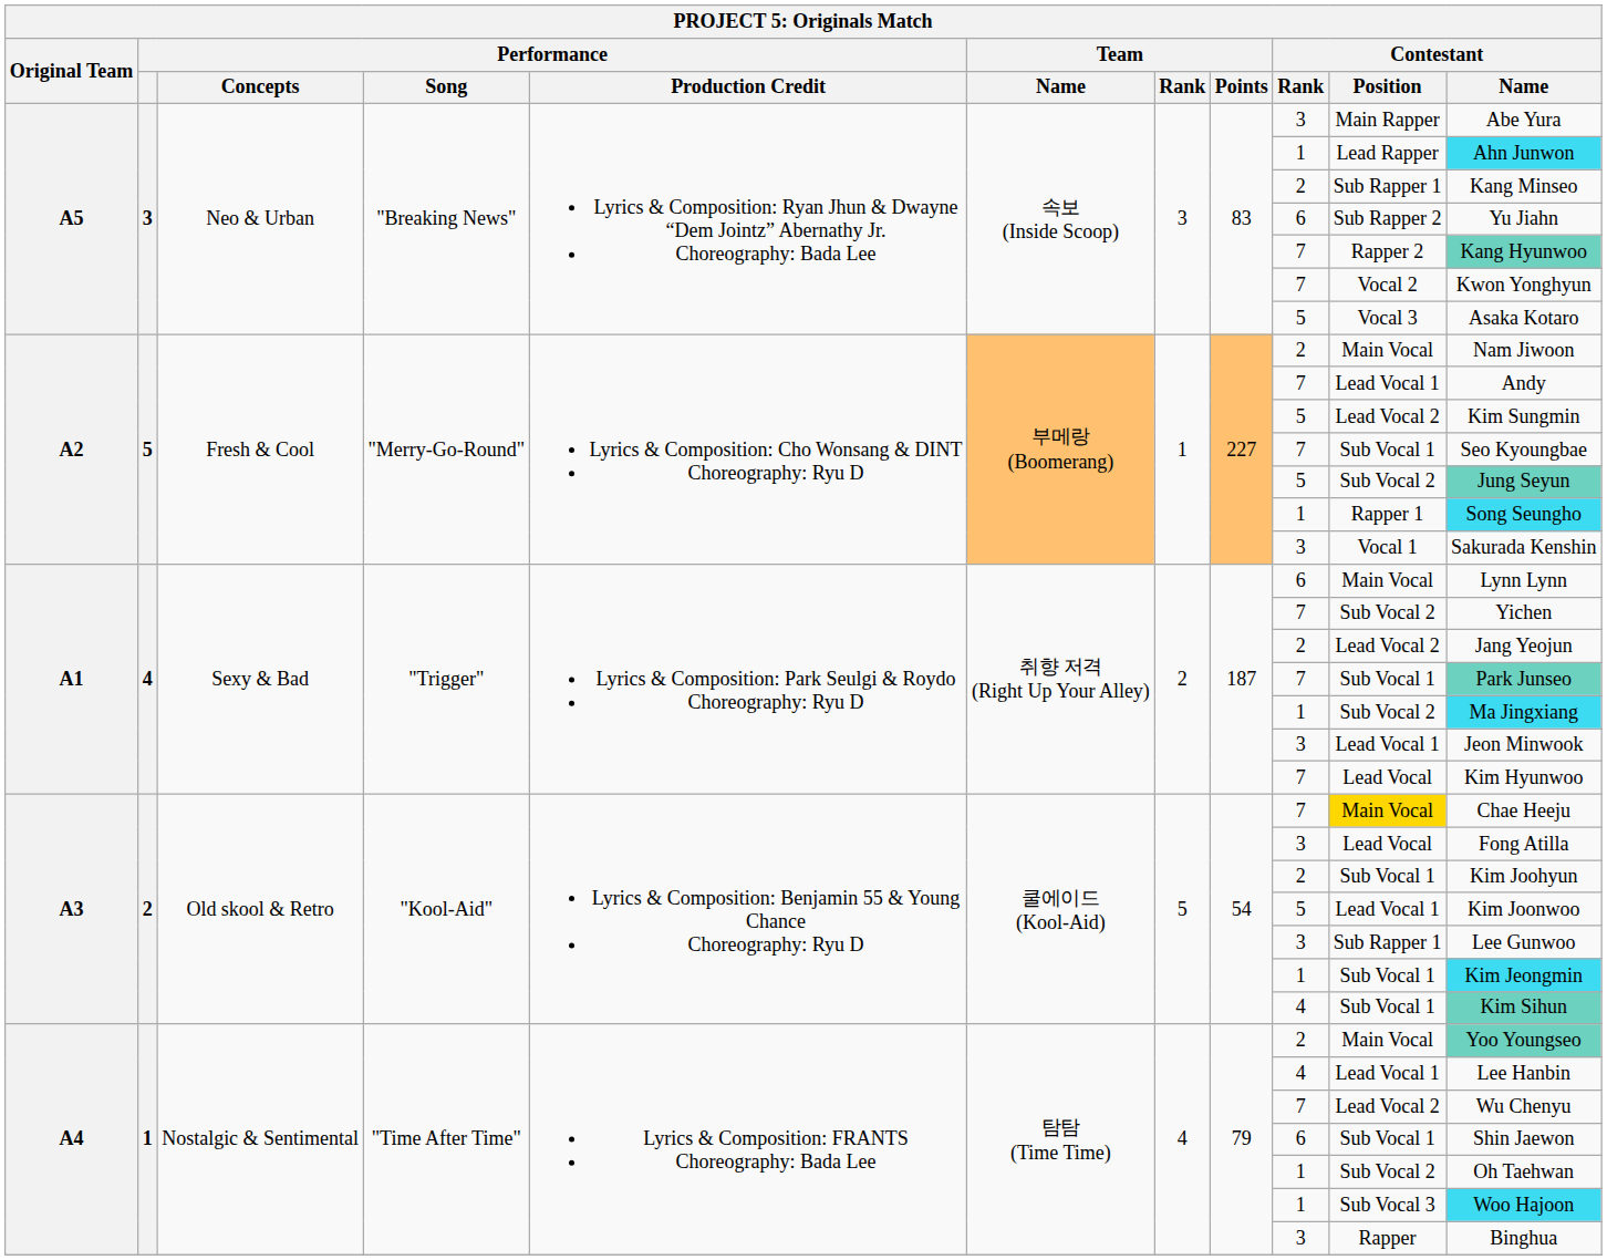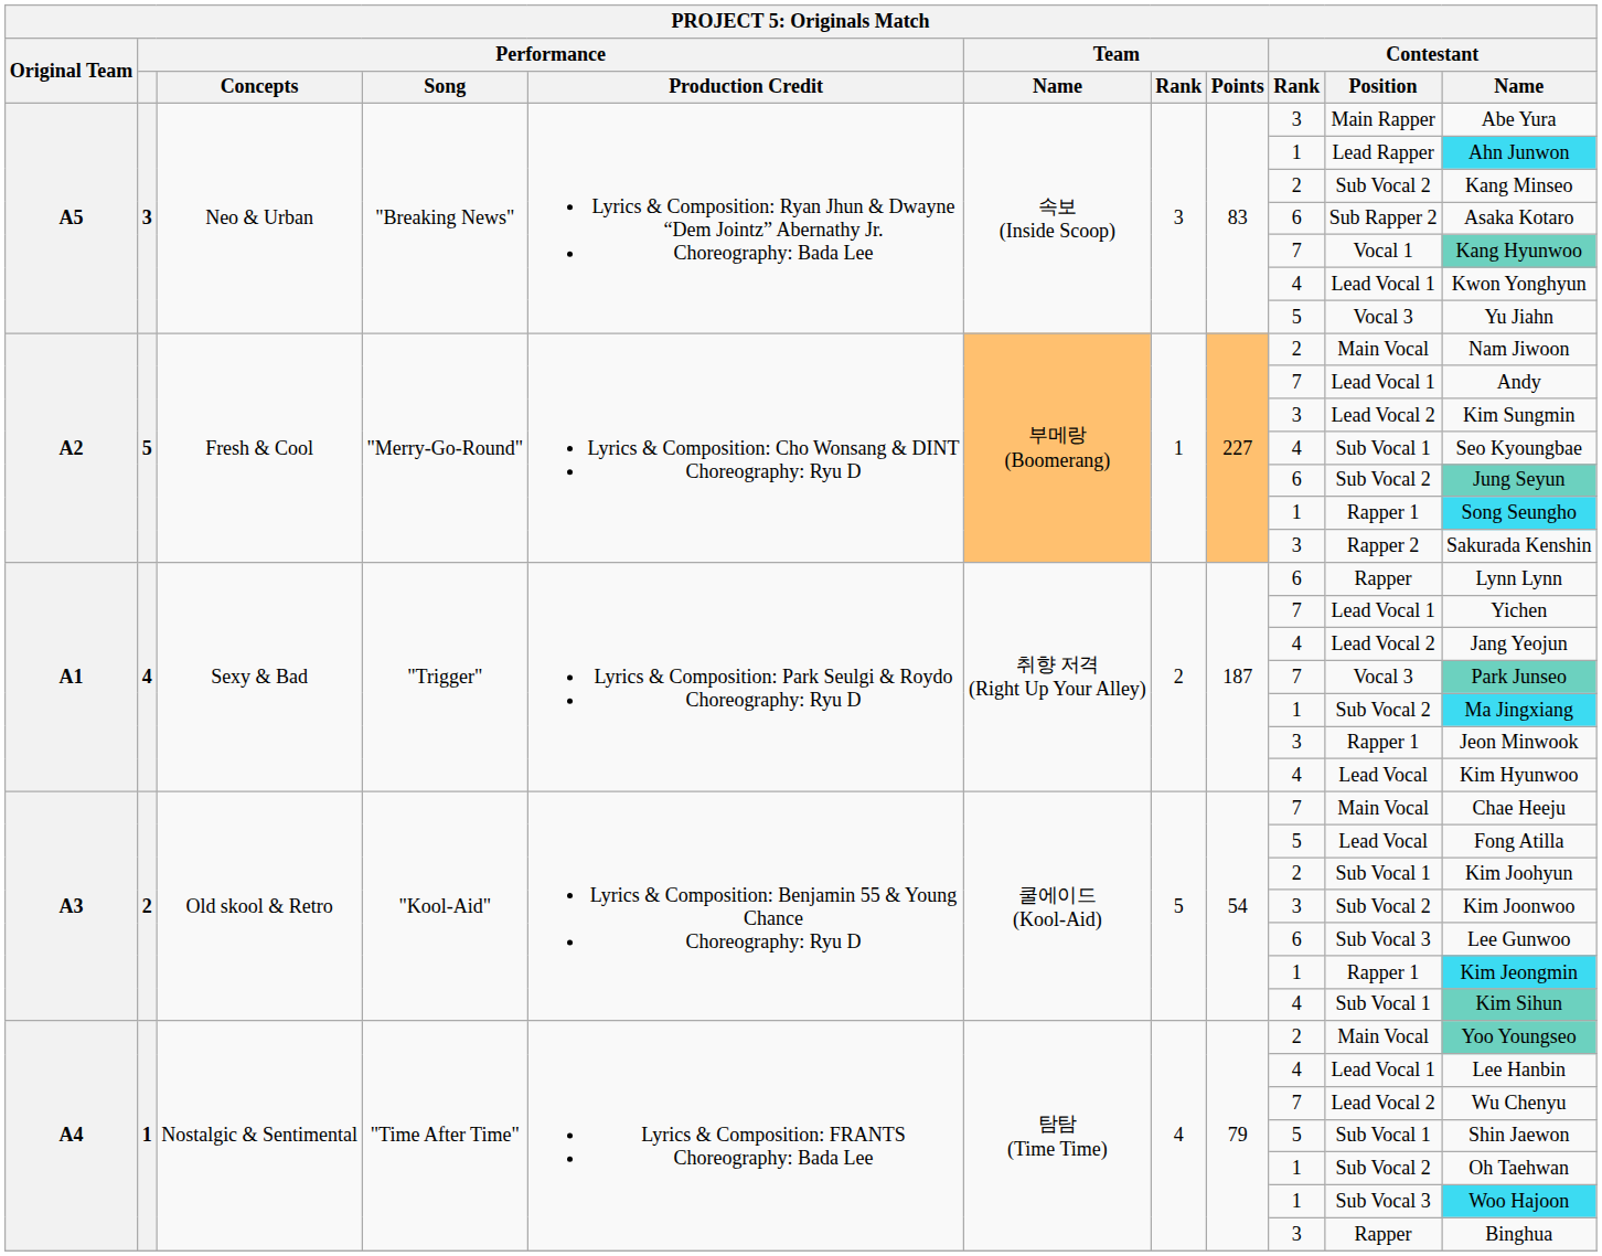 <table class="wikitable sortable mw-collapsible mw-collapsed" style="font-size:90%; text-align:center; ">
 <tr>
 <th colspan="15">PROJECT 5: Originals Match</th>
 </tr>
 <tr>
 <th rowspan="2">Original Team</th>
 <th colspan="4">Performance</th>
 <th colspan="3">Team</th>
 <th colspan="3">Contestant</th>
 </tr>
 <tr>
 <th></th>
 <th>Concepts</th>
 <th>Song</th>
 <th>Production Credit</th>
 <th>Name</th>
 <th>Rank</th>
 <th>Points</th>
 <th>Rank</th>
 <th>Position</th>
 <th>Name</th>
 </tr>
 <tr>
 <th rowspan="7">A5</th>
 <th rowspan="7">3</th>
 <td rowspan="7">Neo & Urban</td>
 <td rowspan="7">"Breaking News"</td>
 <td rowspan="7"><br><ul><li>Lyrics & Composition: Ryan Jhun & Dwayne <br> “Dem Jointz” Abernathy Jr.</li><li>Choreography: Bada Lee</li></ul></td>
 <td rowspan="7">속보 <br> (Inside Scoop)</td>
 <td rowspan="7">3</td>
 <td rowspan="7">83</td>
 <td>3</td>
 <td>Main Rapper</td>
 <td>Abe Yura</td>
 </tr>
 <tr>
 <td>1</td>
 <td>Lead Rapper</td>
 <td style="background:#3cdbf2">Ahn Junwon</td>
 </tr>
 <tr>
 <td>2</td>
-<td>Sub Rapper 1</td>
+<td>Sub Vocal 2</td>
 <td>Kang Minseo</td>
 </tr>
 <tr>
 <td>6</td>
 <td>Sub Rapper 2</td>
-<td>Yu Jiahn</td>
+<td>Asaka Kotaro</td>
 </tr>
 <tr>
 <td>7</td>
-<td>Rapper 2</td>
+<td>Vocal 1</td>
 <td style="background:#6CD1BF">Kang Hyunwoo</td>
 </tr>
 <tr>
-<td>7</td>
-<td>Vocal 2</td>
+<td>4</td>
+<td>Lead Vocal 1</td>
 <td>Kwon Yonghyun</td>
 </tr>
 <tr>
 <td>5</td>
 <td>Vocal 3</td>
-<td>Asaka Kotaro</td>
+<td>Yu Jiahn</td>
 </tr>
 <tr>
 <th rowspan="7">A2</th>
 <th rowspan="7">5</th>
 <td rowspan="7">Fresh & Cool</td>
 <td rowspan="7">"Merry-Go-Round"</td>
 <td rowspan="7"><br><ul><li>Lyrics & Composition: Cho Wonsang & DINT</li><li>Choreography: Ryu D</li></ul></td>
 <td rowspan="7" style="background:#FFC06F">부메랑 <br> (Boomerang)</td>
 <td rowspan="7">1</td>
 <td rowspan="7" style="background:#FFC06F">227</td>
 <td>2</td>
 <td>Main Vocal</td>
 <td>Nam Jiwoon</td>
 </tr>
 <tr>
 <td>7</td>
 <td>Lead Vocal 1</td>
 <td>Andy</td>
 </tr>
 <tr>
-<td>5</td>
+<td>3</td>
 <td>Lead Vocal 2</td>
 <td>Kim Sungmin</td>
 </tr>
 <tr>
-<td>7</td>
+<td>4</td>
 <td>Sub Vocal 1</td>
 <td>Seo Kyoungbae</td>
 </tr>
 <tr>
-<td>5</td>
+<td>6</td>
 <td>Sub Vocal 2</td>
 <td style="background:#6CD1BF">Jung Seyun</td>
 </tr>
 <tr>
 <td>1</td>
 <td>Rapper 1</td>
 <td style="background:#3cdbf2">Song Seungho</td>
 </tr>
 <tr>
 <td>3</td>
-<td>Vocal 1</td>
+<td>Rapper 2</td>
 <td>Sakurada Kenshin</td>
 </tr>
 <tr>
 <th rowspan="7">A1</th>
 <th rowspan="7">4</th>
 <td rowspan="7">Sexy & Bad</td>
 <td rowspan="7">"Trigger"</td>
 <td rowspan="7"><br><ul><li>Lyrics & Composition: Park Seulgi & Roydo</li><li>Choreography: Ryu D</li></ul></td>
 <td rowspan="7">취향 저격 <br> (Right Up Your Alley)</td>
 <td rowspan="7">2</td>
 <td rowspan="7">187</td>
 <td>6</td>
-<td>Main Vocal</td>
+<td>Rapper</td>
 <td>Lynn Lynn</td>
 </tr>
 <tr>
 <td>7</td>
-<td>Sub Vocal 2</td>
+<td>Lead Vocal 1</td>
 <td>Yichen</td>
 </tr>
 <tr>
-<td>2</td>
+<td>4</td>
 <td>Lead Vocal 2</td>
 <td>Jang Yeojun</td>
 </tr>
 <tr>
 <td>7</td>
-<td>Sub Vocal 1</td>
+<td>Vocal 3</td>
 <td style="background:#6CD1BF">Park Junseo</td>
 </tr>
 <tr>
 <td>1</td>
 <td>Sub Vocal 2</td>
 <td style="background:#3cdbf2">Ma Jingxiang</td>
 </tr>
 <tr>
 <td>3</td>
-<td>Lead Vocal 1</td>
+<td>Rapper 1</td>
 <td>Jeon Minwook</td>
 </tr>
 <tr>
-<td>7</td>
+<td>4</td>
 <td>Lead Vocal</td>
 <td>Kim Hyunwoo</td>
 </tr>
 <tr>
 <th rowspan="7">A3</th>
 <th rowspan="7">2</th>
 <td rowspan="7">Old skool & Retro</td>
 <td rowspan="7">"Kool-Aid"</td>
 <td rowspan="7"><br><ul><li>Lyrics & Composition: Benjamin 55 & Young <br> Chance</li><li>Choreography: Ryu D</li></ul></td>
 <td rowspan="7">쿨에이드<br> (Kool-Aid)</td>
 <td rowspan="7">5</td>
 <td rowspan="7">54</td>
 <td>7</td>
-<td style="background: gold;">Main Vocal</td>
+<td>Main Vocal</td>
 <td>Chae Heeju</td>
 </tr>
 <tr>
-<td>3</td>
+<td>5</td>
 <td>Lead Vocal</td>
 <td>Fong Atilla</td>
 </tr>
 <tr>
 <td>2</td>
 <td>Sub Vocal 1</td>
 <td>Kim Joohyun</td>
 </tr>
 <tr>
-<td>5</td>
-<td>Lead Vocal 1</td>
+<td>3</td>
+<td>Sub Vocal 2</td>
 <td>Kim Joonwoo</td>
 </tr>
 <tr>
-<td>3</td>
-<td>Sub Rapper 1</td>
+<td>6</td>
+<td>Sub Vocal 3</td>
 <td>Lee Gunwoo</td>
 </tr>
 <tr>
 <td>1</td>
-<td>Sub Vocal 1</td>
+<td>Rapper 1</td>
 <td style="background:#3cdbf2">Kim Jeongmin</td>
 </tr>
 <tr>
 <td>4</td>
 <td>Sub Vocal 1</td>
 <td style="background:#6CD1BF">Kim Sihun</td>
 </tr>
 <tr>
 <th rowspan="7">A4</th>
 <th rowspan="7">1</th>
 <td rowspan="7">Nostalgic & Sentimental</td>
 <td rowspan="7">"Time After Time"</td>
 <td rowspan="7"><br><ul><li>Lyrics & Composition: FRANTS</li><li>Choreography: Bada Lee</li></ul></td>
 <td rowspan="7">탐탐  <br> (Time Time)</td>
 <td rowspan="7">4</td>
 <td rowspan="7">79</td>
 <td>2</td>
 <td>Main Vocal</td>
 <td style="background:#6CD1BF">Yoo Youngseo</td>
 </tr>
 <tr>
 <td>4</td>
 <td>Lead Vocal 1</td>
 <td>Lee Hanbin</td>
 </tr>
 <tr>
 <td>7</td>
 <td>Lead Vocal 2</td>
 <td>Wu Chenyu</td>
 </tr>
 <tr>
-<td>6</td>
+<td>5</td>
 <td>Sub Vocal 1</td>
 <td>Shin Jaewon</td>
 </tr>
 <tr>
 <td>1</td>
 <td>Sub Vocal 2</td>
 <td>Oh Taehwan</td>
 </tr>
 <tr>
 <td>1</td>
 <td>Sub Vocal 3</td>
 <td style="background:#3cdbf2">Woo Hajoon</td>
 </tr>
 <tr>
 <td>3</td>
 <td>Rapper</td>
 <td>Binghua</td>
 </tr>
 <tr>
 </tr>
 </table>
